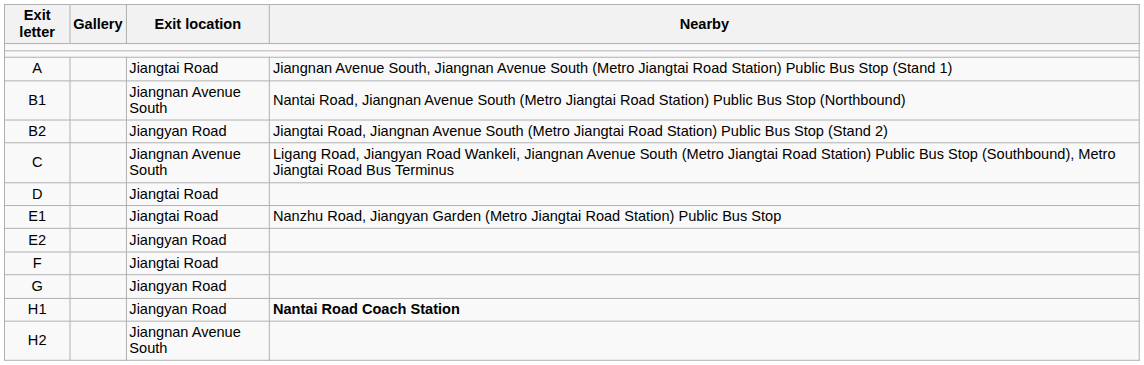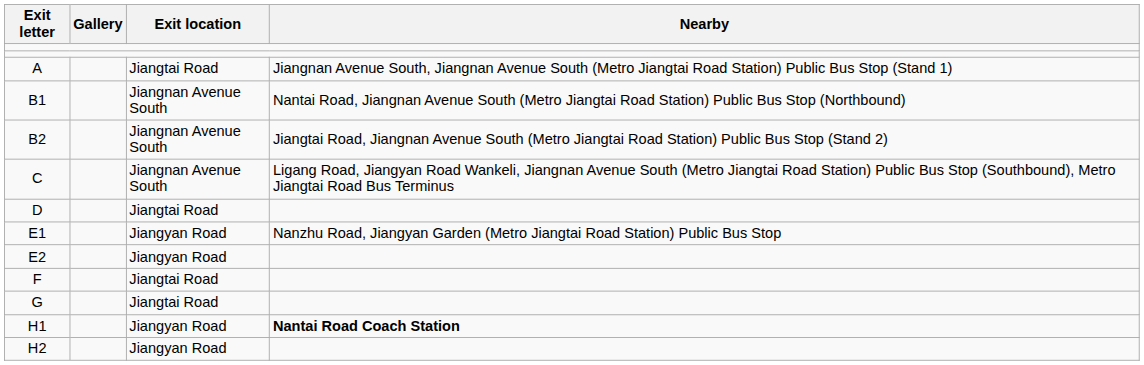 <table class="wikitable">
 <tr>
 <th style="width:70px" colspan="2">Exit letter</th>
 <th>Gallery</th>
 <th>Exit location</th>
 <th>Nearby</th>
 </tr>
 <tr style="background:#">
 <td colspan = "6"></td>
 </tr>
 <tr style="background:#">
 <td colspan = "6"></td>
 </tr>
 <tr>
 <td align="center" colspan="2">A</td>
 <td></td>
 <td>Jiangtai Road</td>
 <td>Jiangnan Avenue South, Jiangnan Avenue South (Metro Jiangtai Road Station) Public Bus Stop (Stand 1)</td>
 </tr>
 <tr>
 <td align="center" colspan="2">B1</td>
 <td></td>
 <td>Jiangnan Avenue South</td>
 <td>Nantai Road, Jiangnan Avenue South (Metro Jiangtai Road Station) Public Bus Stop (Northbound)</td>
 </tr>
 <tr>
 <td align="center" colspan="2">B2</td>
 <td></td>
-<td>Jiangyan Road</td>
+<td>Jiangnan Avenue South</td>
 <td>Jiangtai Road, Jiangnan Avenue South (Metro Jiangtai Road Station) Public Bus Stop (Stand 2)</td>
 </tr>
 <tr>
 <td align="center" colspan="2">C</td>
 <td></td>
 <td>Jiangnan Avenue South</td>
 <td>Ligang Road, Jiangyan Road Wankeli, Jiangnan Avenue South (Metro Jiangtai Road Station) Public Bus Stop (Southbound), Metro Jiangtai Road Bus Terminus</td>
 </tr>
 <tr>
 <td align="center" colspan="2">D</td>
 <td></td>
 <td>Jiangtai Road</td>
 <td></td>
 </tr>
 <tr>
 <td align="center" colspan="2">E1</td>
 <td></td>
-<td>Jiangtai Road</td>
+<td>Jiangyan Road</td>
 <td>Nanzhu Road, Jiangyan Garden (Metro Jiangtai Road Station) Public Bus Stop</td>
 </tr>
 <tr>
 <td align="center" colspan="2">E2</td>
 <td></td>
 <td>Jiangyan Road</td>
 <td></td>
 </tr>
 <tr>
 <td align="center" colspan="2">F</td>
 <td></td>
 <td>Jiangtai Road</td>
 <td></td>
 </tr>
 <tr>
 <td align="center" colspan="2">G</td>
 <td></td>
-<td>Jiangyan Road</td>
+<td>Jiangtai Road</td>
 <td></td>
 </tr>
 <tr>
 <td align="center" colspan="2">H1</td>
 <td></td>
 <td>Jiangyan Road</td>
 <td><strong>Nantai Road Coach Station</strong></td>
 </tr>
 <tr>
 <td align="center" colspan="2">H2</td>
 <td></td>
-<td>Jiangnan Avenue South</td>
+<td>Jiangyan Road</td>
 <td></td>
 </tr>
 </table>
